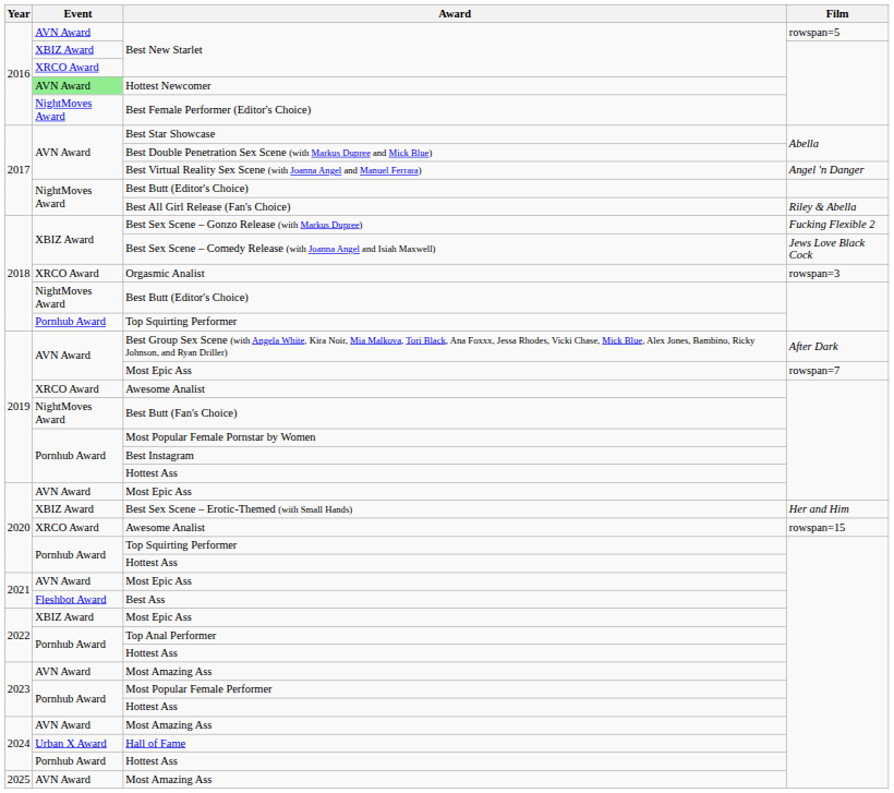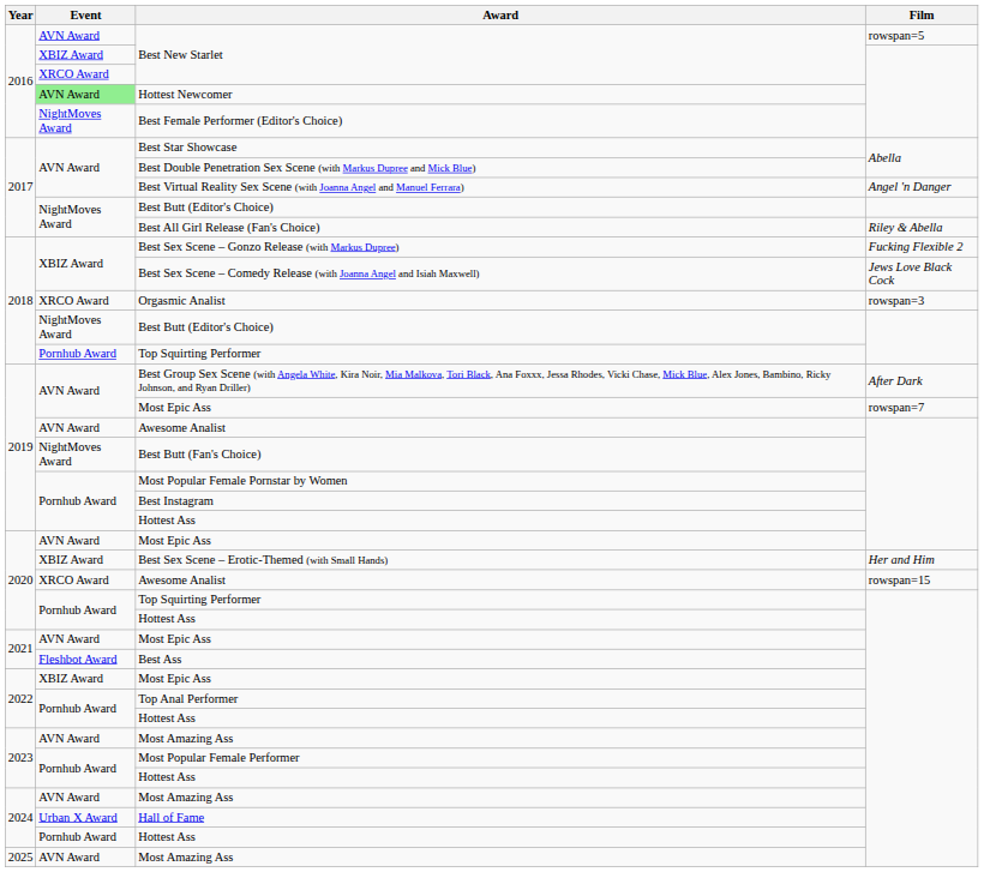 <table class="wikitable">
 <tr>
 <th>Year</th>
 <th>Event</th>
 <th>Award</th>
 <th>Film</th>
 </tr>
 <tr>
 <td rowspan=5>2016</td>
 <td><a href='#'>AVN Award</a></td>
 <td rowspan=3>Best New Starlet</td>
 <td>rowspan=5 </td>
 </tr>
 <tr>
 <td><a href='#'>XBIZ Award</a></td>
 </tr>
 <tr>
 <td><a href='#'>XRCO Award</a></td>
 </tr>
 <tr>
 <td style="background: lightgreen;">AVN Award</td>
 <td>Hottest Newcomer</td>
 </tr>
 <tr>
 <td><a href='#'>NightMoves Award</a></td>
 <td>Best Female Performer (Editor's Choice)</td>
 </tr>
 <tr>
 <td rowspan=5>2017</td>
 <td rowspan=3>AVN Award</td>
 <td>Best Star Showcase</td>
 <td rowspan=2><em>Abella</em></td>
 </tr>
 <tr>
 <td>Best Double Penetration Sex Scene <small>(with <a href='#'>Markus Dupree</a> and <a href='#'>Mick Blue</a>)</small></td>
 </tr>
 <tr>
 <td>Best Virtual Reality Sex Scene <small>(with <a href='#'>Joanna Angel</a> and <a href='#'>Manuel Ferrara</a>)</small></td>
 <td><em>Angel 'n Danger</em></td>
 </tr>
 <tr>
 <td rowspan=2>NightMoves Award</td>
 <td>Best Butt (Editor's Choice)</td>
 <td></td>
 </tr>
 <tr>
 <td>Best All Girl Release (Fan's Choice)</td>
 <td><em>Riley & Abella</em></td>
 </tr>
 <tr>
 <td rowspan=5>2018</td>
 <td rowspan=2>XBIZ Award</td>
 <td>Best Sex Scene – Gonzo Release <small>(with <a href='#'>Markus Dupree</a>)</small></td>
 <td><em>Fucking Flexible 2</em></td>
 </tr>
 <tr>
 <td>Best Sex Scene – Comedy Release <small>(with <a href='#'>Joanna Angel</a> and Isiah Maxwell)</small></td>
 <td><em>Jews Love Black Cock</em></td>
 </tr>
 <tr>
 <td>XRCO Award</td>
 <td>Orgasmic Analist</td>
 <td>rowspan=3 </td>
 </tr>
 <tr>
 <td>NightMoves Award</td>
 <td>Best Butt (Editor's Choice)</td>
 </tr>
 <tr>
 <td><a href='#'>Pornhub Award</a></td>
 <td>Top Squirting Performer</td>
 </tr>
 <tr>
 <td rowspan=7>2019</td>
 <td rowspan=2>AVN Award</td>
 <td>Best Group Sex Scene <small>(with <a href='#'>Angela White</a>, Kira Noir, <a href='#'>Mia Malkova</a>, <a href='#'>Tori Black</a>, Ana Foxxx, Jessa Rhodes, Vicki Chase, <a href='#'>Mick Blue</a>, Alex Jones, Bambino, Ricky Johnson, and Ryan Driller)</small></td>
 <td><em>After Dark</em></td>
 </tr>
 <tr>
 <td>Most Epic Ass</td>
 <td>rowspan=7 </td>
 </tr>
 <tr>
-<td>XRCO Award</td>
+<td>AVN Award</td>
 <td>Awesome Analist</td>
 </tr>
 <tr>
 <td>NightMoves Award</td>
 <td>Best Butt (Fan's Choice)</td>
 </tr>
 <tr>
 <td rowspan=3>Pornhub Award</td>
 <td>Most Popular Female Pornstar by Women</td>
 </tr>
 <tr>
 <td>Best Instagram</td>
 </tr>
 <tr>
 <td>Hottest Ass</td>
 </tr>
 <tr>
 <td rowspan=5>2020</td>
 <td>AVN Award</td>
 <td>Most Epic Ass</td>
 </tr>
 <tr>
 <td>XBIZ Award</td>
 <td>Best Sex Scene – Erotic-Themed <small>(with Small Hands)</small></td>
 <td><em>Her and Him</em></td>
 </tr>
 <tr>
 <td>XRCO Award</td>
 <td>Awesome Analist</td>
 <td>rowspan=15 </td>
 </tr>
 <tr>
 <td rowspan=2>Pornhub Award</td>
 <td>Top Squirting Performer</td>
 </tr>
 <tr>
 <td>Hottest Ass</td>
 </tr>
 <tr>
 <td rowspan=2>2021</td>
 <td>AVN Award</td>
 <td>Most Epic Ass</td>
 </tr>
 <tr>
 <td><a href='#'>Fleshbot Award</a></td>
 <td>Best Ass</td>
 </tr>
 <tr>
 <td rowspan=3>2022</td>
 <td>XBIZ Award</td>
 <td>Most Epic Ass</td>
 </tr>
 <tr>
 <td rowspan=2>Pornhub Award</td>
 <td>Top Anal Performer</td>
 </tr>
 <tr>
 <td>Hottest Ass</td>
 </tr>
 <tr>
 <td rowspan=3>2023</td>
 <td>AVN Award</td>
 <td>Most Amazing Ass</td>
 </tr>
 <tr>
 <td rowspan=2>Pornhub Award</td>
 <td>Most Popular Female Performer</td>
 </tr>
 <tr>
 <td>Hottest Ass</td>
 </tr>
 <tr>
 <td rowspan=3>2024</td>
 <td>AVN Award</td>
 <td>Most Amazing Ass</td>
 </tr>
 <tr>
 <td><a href='#'>Urban X Award</a></td>
 <td><a href='#'>Hall of Fame</a></td>
 </tr>
 <tr>
 <td>Pornhub Award</td>
 <td>Hottest Ass</td>
 </tr>
 <tr>
 <td>2025</td>
 <td>AVN Award</td>
 <td>Most Amazing Ass</td>
 </tr>
 </table>
